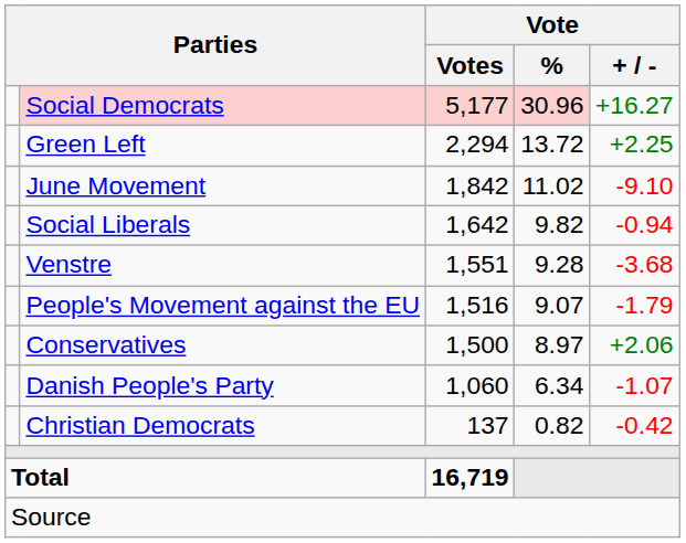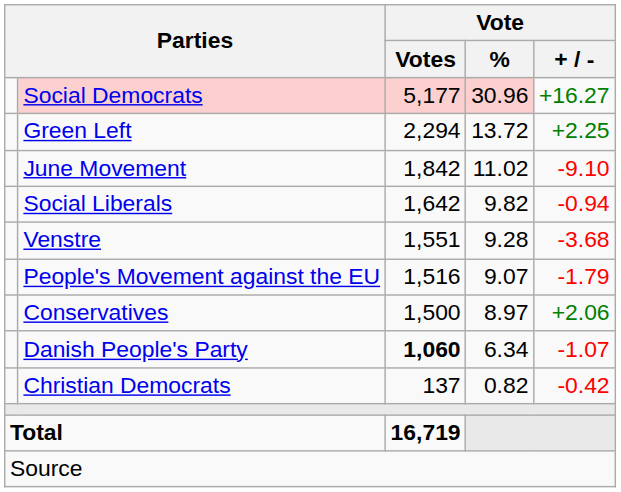 <table class="wikitable" style="text-align:right;">
 <tr>
 <th style="text-align:centre;" rowspan="2" colspan="2" width="225">Parties</th>
 <th colspan="3">Vote</th>
 </tr>
 <tr>
 <th width="15">Votes</th>
 <th width="15">%</th>
 <th width="15">+ / -</th>
 </tr>
 <tr>
 <td width="2" style="color:inherit;background:"></td>
 <td bgcolor=#fbd0ce   align="left"><a href='#'>Social Democrats</a></td>
 <td bgcolor=#fbd0ce>5,177</td>
 <td bgcolor=#fbd0ce>30.96</td>
 <td style=color:green;>+16.27</td>
 </tr>
 <tr>
 <td width="2" style="color:inherit;background:"></td>
 <td align="left"><a href='#'>Green Left</a></td>
 <td>2,294</td>
 <td>13.72</td>
 <td style=color:green;>+2.25</td>
 </tr>
 <tr>
 <td width="2" style="color:inherit;background:"></td>
 <td align="left"><a href='#'>June Movement</a></td>
 <td>1,842</td>
 <td>11.02</td>
 <td style=color:red;>-9.10</td>
 </tr>
 <tr>
 <td width="2" style="color:inherit;background:"></td>
 <td align="left"><a href='#'>Social Liberals</a></td>
 <td>1,642</td>
 <td>9.82</td>
 <td style=color:red;>-0.94</td>
 </tr>
 <tr>
 <td width="2" style="color:inherit;background:"></td>
 <td align="left"><a href='#'>Venstre</a></td>
 <td>1,551</td>
 <td>9.28</td>
 <td style=color:red;>-3.68</td>
 </tr>
 <tr>
 <td width="2" style="color:inherit;background:"></td>
 <td align="left"><a href='#'>People's Movement against the EU</a></td>
 <td>1,516</td>
 <td>9.07</td>
 <td style=color:red;>-1.79</td>
 </tr>
 <tr>
 <td width="2" style="color:inherit;background:"></td>
 <td align="left"><a href='#'>Conservatives</a></td>
 <td>1,500</td>
 <td>8.97</td>
 <td style=color:green;>+2.06</td>
 </tr>
 <tr>
 <td width="2" style="color:inherit;background:"></td>
 <td align="left"><a href='#'>Danish People's Party</a></td>
-<td>1,060</td>
+<td><strong>1,060</strong></td>
 <td>6.34</td>
 <td style=color:red;>-1.07</td>
 </tr>
 <tr>
 <td width="2" style="color:inherit;background:"></td>
 <td align="left"><a href='#'>Christian Democrats</a></td>
 <td>137</td>
 <td>0.82</td>
 <td style=color:red;>-0.42</td>
 </tr>
 <tr>
 <td colspan="7" bgcolor="#E9E9E9"></td>
 </tr>
 <tr>
 <td align="left" colspan="2"><strong>Total</strong></td>
 <td><strong>16,719</strong></td>
 <td bgcolor="#E9E9E9" colspan="2"></td>
 </tr>
 <tr>
 <td align="left" colspan="6">Source</td>
 </tr>
 </table>
